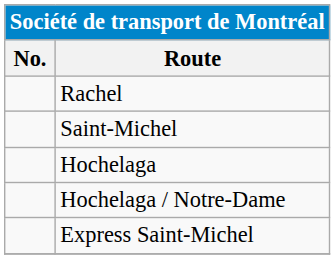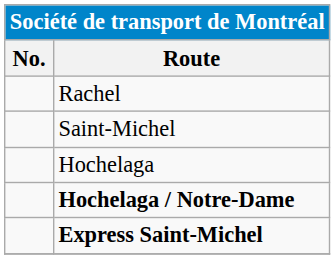 <table align=center class="wikitable">
 <tr>
 <th style="background: #0085CA; font-size:100%; color:#FFFFFF;"colspan="4">Société de transport de Montréal</th>
 </tr>
 <tr>
 <th>No.</th>
 <th>Route</th>
 </tr>
 <tr>
 <td></td>
 <td>Rachel</td>
 </tr>
 <tr>
 <td {{Avoid wrap> </td>
 <td>Saint-Michel</td>
 </tr>
 <tr>
 <td></td>
 <td>Hochelaga</td>
 </tr>
 <tr>
 <td {{Avoid wrap> </td>
-<td>Hochelaga / Notre-Dame</td>
+<td><strong>Hochelaga / Notre-Dame</strong></td>
 </tr>
 <tr>
 <td></td>
-<td>Express Saint-Michel</td>
+<td><strong>Express Saint-Michel</strong></td>
 </tr>
 <tr>
 </tr>
 </table>
